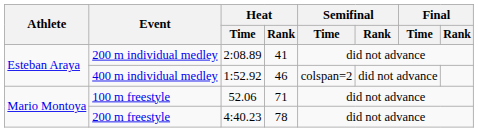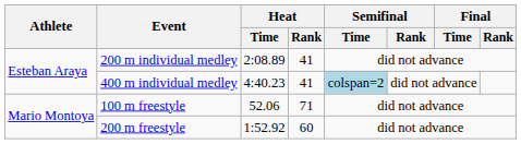 <table class=wikitable style="font-size:90%">
 <tr>
 <th rowspan="2">Athlete</th>
 <th rowspan="2">Event</th>
 <th colspan="2">Heat</th>
 <th colspan="2">Semifinal</th>
 <th colspan="2">Final</th>
 </tr>
 <tr style="font-size:95%">
 <th>Time</th>
 <th>Rank</th>
 <th>Time</th>
 <th>Rank</th>
 <th>Time</th>
 <th>Rank</th>
 </tr>
 <tr align=center>
 <td align=left rowspan=2><a href='#'>Esteban Araya</a></td>
 <td align=left><a href='#'>200 m individual medley</a></td>
 <td>2:08.89</td>
 <td>41</td>
 <td colspan=4>did not advance</td>
 </tr>
 <tr align=center>
 <td align=left><a href='#'>400 m individual medley</a></td>
-<td>1:52.92</td>
-<td>46</td>
-<td>colspan=2 </td>
+<td>4:40.23</td>
+<td>41</td>
+<td style="background: lightblue;">colspan=2 </td>
 <td colspan=2>did not advance</td>
 </tr>
 <tr align=center>
 <td align=left rowspan=2><a href='#'>Mario Montoya</a></td>
 <td align=left><a href='#'>100 m freestyle</a></td>
 <td>52.06</td>
 <td>71</td>
 <td colspan=4>did not advance</td>
 </tr>
 <tr align=center>
 <td align=left><a href='#'>200 m freestyle</a></td>
-<td>4:40.23</td>
-<td>78</td>
+<td>1:52.92</td>
+<td>60</td>
 <td colspan=4>did not advance</td>
 </tr>
 </table>
